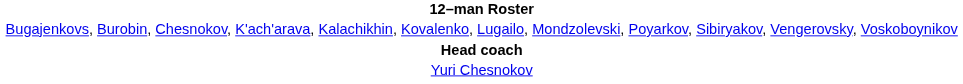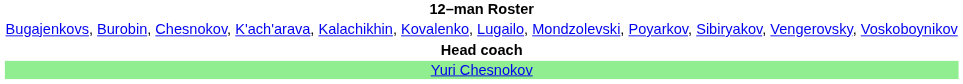 <table style="text-align:center; margin-top:2em; margin-left:auto; margin-right:auto">
 <tr>
 <td><strong>12–man Roster</strong></td>
 </tr>
 <tr>
 <td><a href='#'>Bugajenkovs</a>, <a href='#'>Burobin</a>, <a href='#'>Chesnokov</a>, <a href='#'>K'ach'arava</a>, <a href='#'>Kalachikhin</a>, <a href='#'>Kovalenko</a>, <a href='#'>Lugailo</a>, <a href='#'>Mondzolevski</a>, <a href='#'>Poyarkov</a>, <a href='#'>Sibiryakov</a>, <a href='#'>Vengerovsky</a>, <a href='#'>Voskoboynikov</a></td>
 </tr>
 <tr>
 <td><strong>Head coach</strong></td>
 </tr>
 <tr>
-<td><a href='#'>Yuri Chesnokov</a></td>
+<td style="background: lightgreen;"><a href='#'>Yuri Chesnokov</a></td>
 </tr>
 </table>
